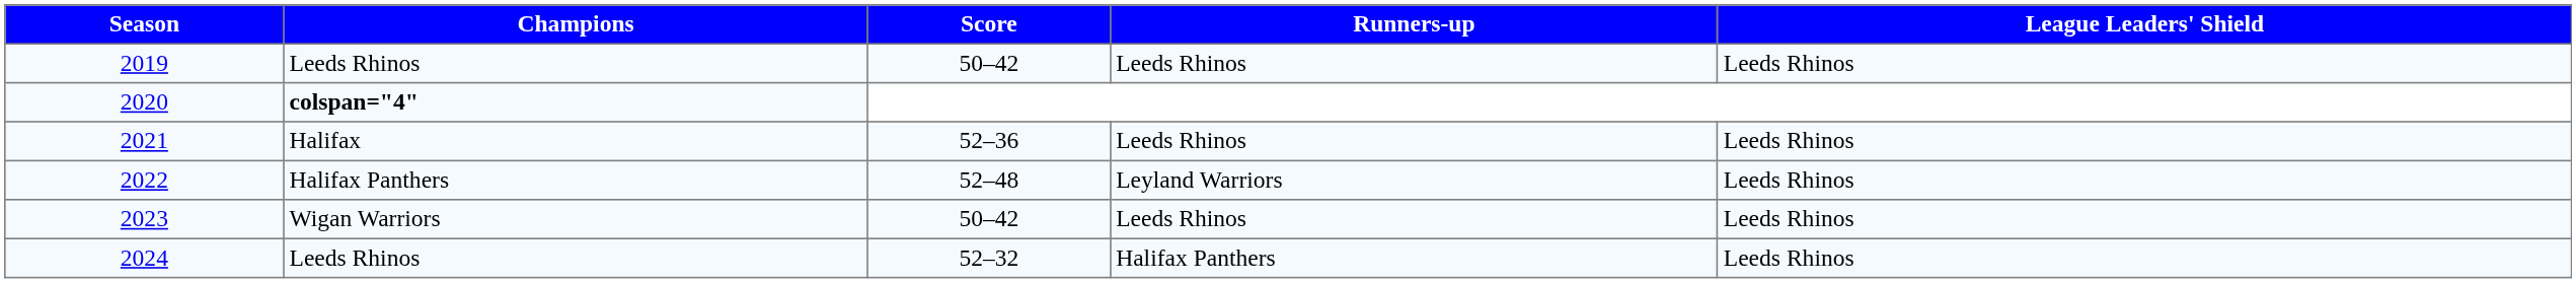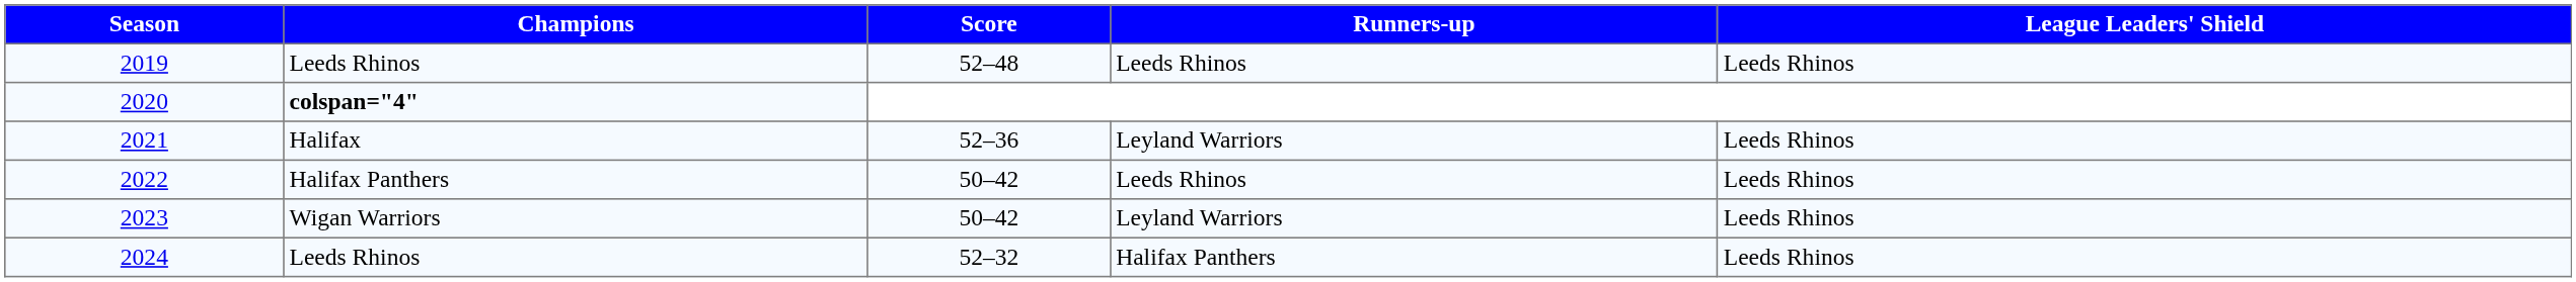 <table border="1" cellpadding="3" cellspacing="0" style="border-collapse:collapse; font-size:92%; width:100%;">
 <tr style="background:blue;">
 <th style="color:white;" "width:21%;">Season</th>
 <th style="color:white;" "width:21%;">Champions</th>
 <th style="color:white;" "width:6%;">Score</th>
 <th style="color:white;" "width:21%;">Runners-up</th>
 <th style="color:white;" "width:21%;">League Leaders' Shield</th>
 </tr>
 <tr style="background:#f5faff;">
 <td style="text-align:center;"><a href='#'>2019</a></td>
 <td> Leeds Rhinos</td>
-<td style="text-align:center;">50–42</td>
+<td style="text-align:center;">52–48</td>
 <td> Leeds Rhinos</td>
 <td> Leeds Rhinos</td>
 </tr>
 <tr style="background:#f5faff;">
 <td style="text-align:center;"><a href='#'>2020</a></td>
 <td><strong>colspan="4" </strong></td>
 </tr>
 <tr style="background:#f5faff;">
 <td style="text-align:center;"><a href='#'>2021</a></td>
 <td> Halifax</td>
 <td style="text-align:center;">52–36</td>
-<td> Leeds Rhinos</td>
+<td>Leyland Warriors</td>
 <td> Leeds Rhinos</td>
 </tr>
 <tr style="background:#f5faff;">
 <td style="text-align:center;"><a href='#'>2022</a></td>
 <td> Halifax Panthers</td>
-<td style="text-align:center;">52–48</td>
-<td>Leyland Warriors</td>
+<td style="text-align:center;">50–42</td>
+<td> Leeds Rhinos</td>
 <td> Leeds Rhinos</td>
 </tr>
 <tr style="background:#f5faff;">
 <td style="text-align:center;"><a href='#'>2023</a></td>
 <td> Wigan Warriors</td>
 <td style="text-align:center;">50–42</td>
-<td> Leeds Rhinos</td>
+<td>Leyland Warriors</td>
 <td> Leeds Rhinos</td>
 </tr>
 <tr style="background:#f5faff;">
 <td style="text-align:center;"><a href='#'>2024</a></td>
 <td> Leeds Rhinos</td>
 <td style="text-align:center;">52–32</td>
 <td> Halifax Panthers</td>
 <td> Leeds Rhinos</td>
 </tr>
 </table>
